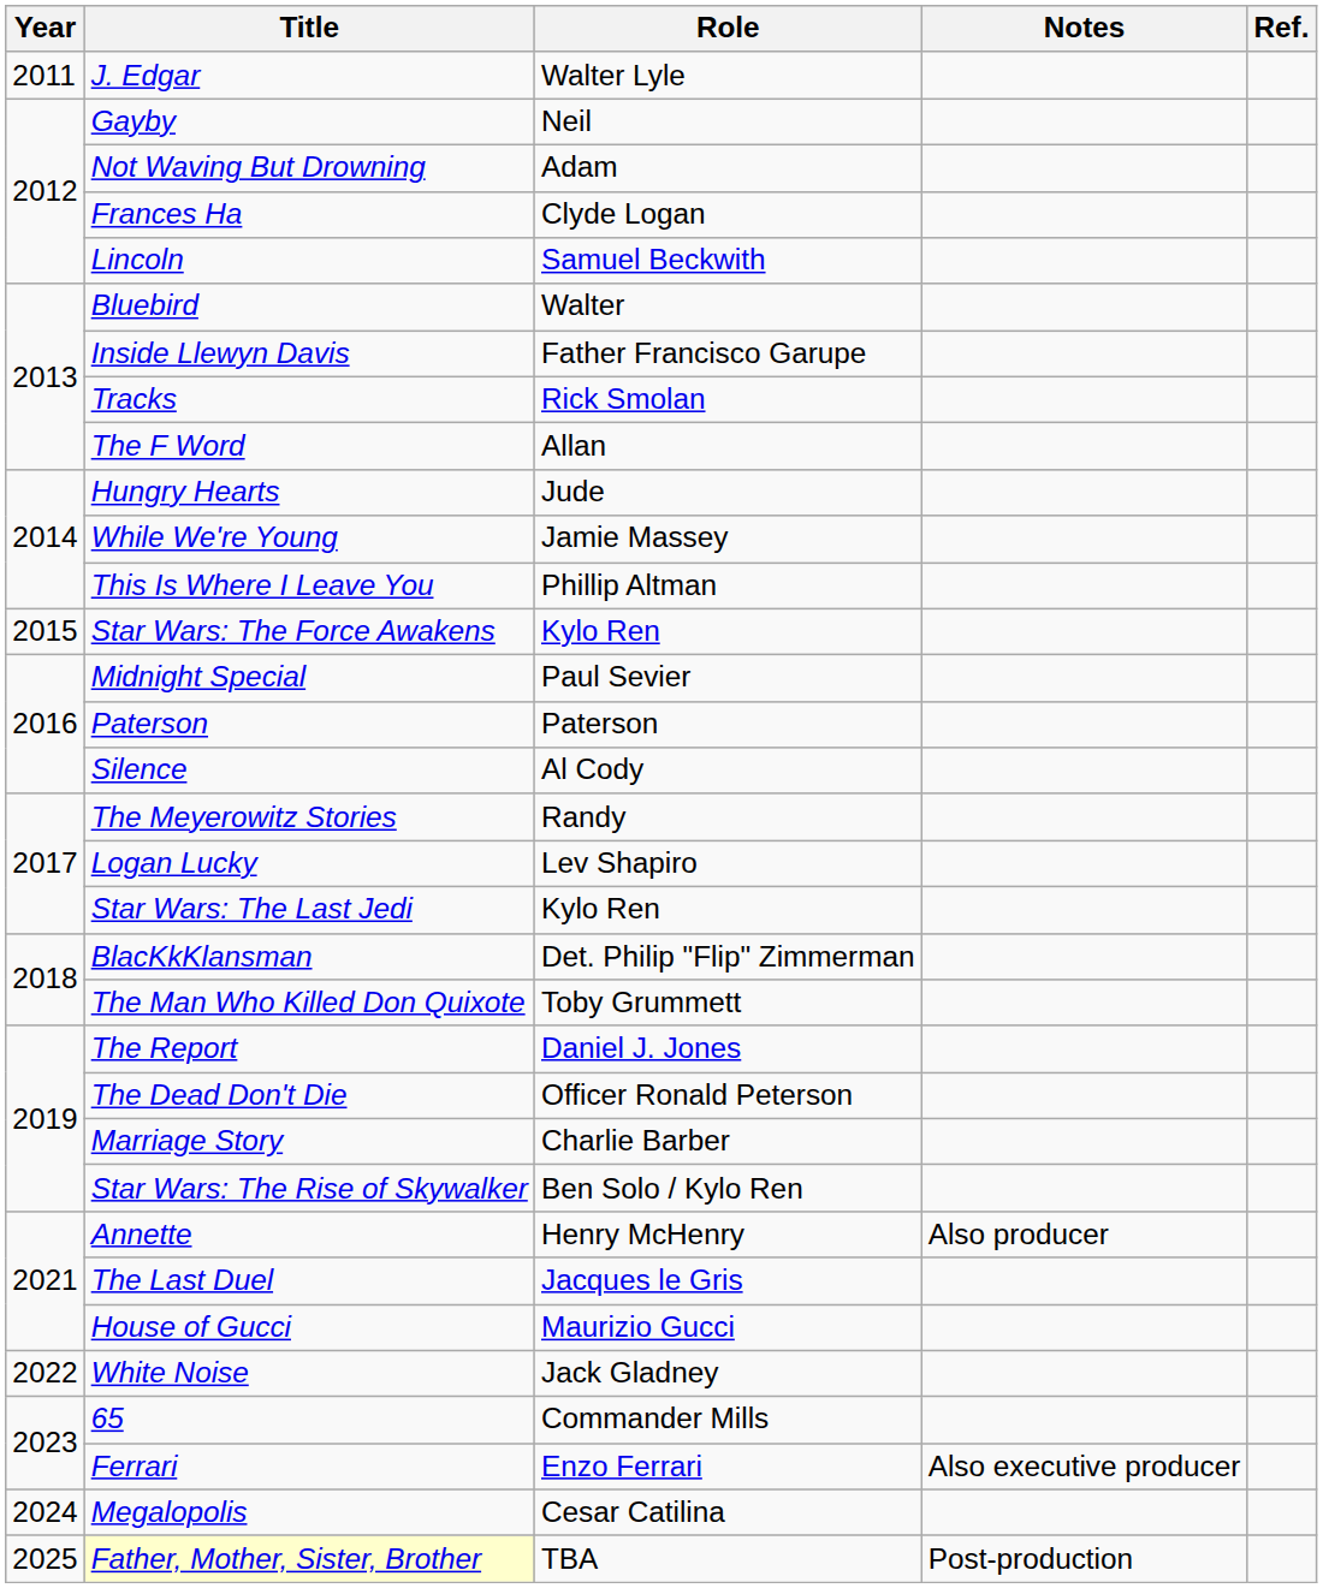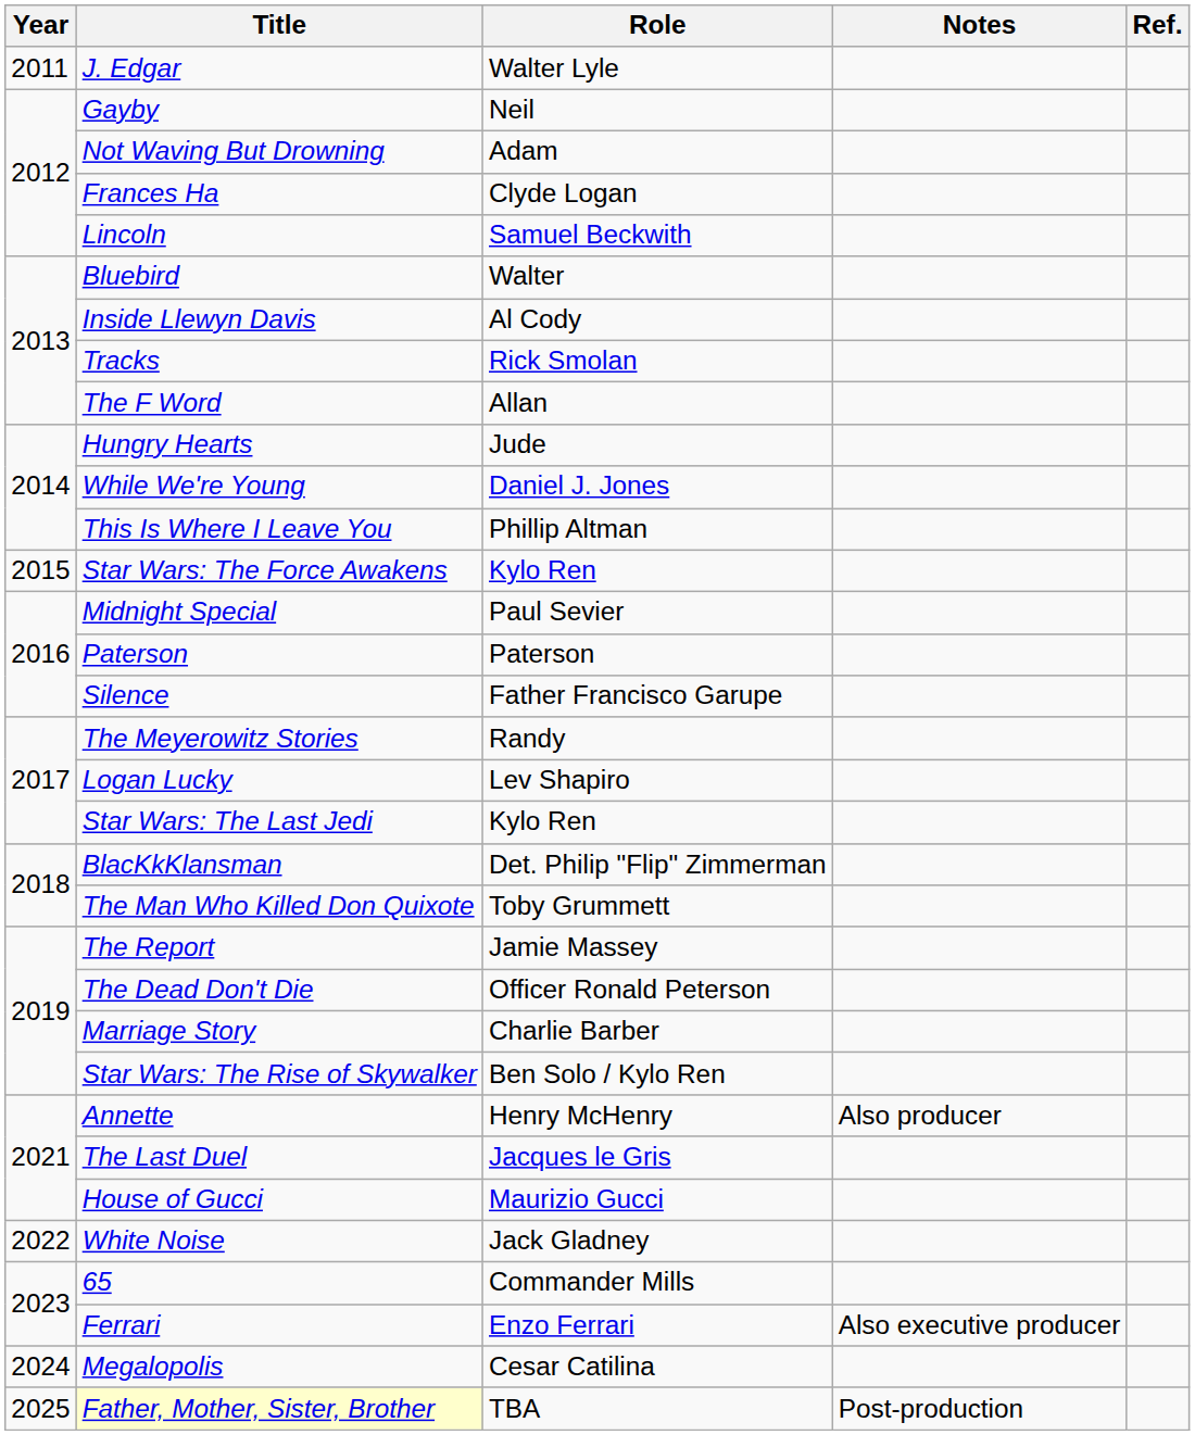 <table class="wikitable sortable">
 <tr>
 <th>Year</th>
 <th>Title</th>
 <th>Role</th>
 <th class="unsortable">Notes</th>
 <th>Ref.</th>
 </tr>
 <tr>
 <td>2011</td>
 <td><em><a href='#'>J. Edgar</a></em></td>
 <td>Walter Lyle</td>
 <td></td>
 <td></td>
 </tr>
 <tr>
 <td rowspan="4">2012</td>
 <td><em><a href='#'>Gayby</a></em></td>
 <td>Neil</td>
 <td></td>
 <td></td>
 </tr>
 <tr>
 <td><em><a href='#'>Not Waving But Drowning</a></em></td>
 <td>Adam</td>
 <td></td>
 <td></td>
 </tr>
 <tr>
 <td><em><a href='#'>Frances Ha</a></em></td>
 <td>Clyde Logan</td>
 <td></td>
 <td></td>
 </tr>
 <tr>
 <td><em><a href='#'>Lincoln</a></em></td>
 <td><a href='#'>Samuel Beckwith</a></td>
 <td></td>
 <td></td>
 </tr>
 <tr>
 <td rowspan="4">2013</td>
 <td><em><a href='#'>Bluebird</a></em></td>
 <td>Walter</td>
 <td></td>
 <td></td>
 </tr>
 <tr>
 <td><em><a href='#'>Inside Llewyn Davis</a></em></td>
-<td>Father Francisco Garupe</td>
+<td>Al Cody</td>
 <td></td>
 <td></td>
 </tr>
 <tr>
 <td><em><a href='#'>Tracks</a></em></td>
 <td><a href='#'>Rick Smolan</a></td>
 <td></td>
 <td></td>
 </tr>
 <tr>
 <td><em><a href='#'>The F Word</a></em></td>
 <td>Allan</td>
 <td></td>
 <td></td>
 </tr>
 <tr>
 <td rowspan="3">2014</td>
 <td><em><a href='#'>Hungry Hearts</a></em></td>
 <td>Jude</td>
 <td></td>
 <td></td>
 </tr>
 <tr>
 <td><em><a href='#'>While We're Young</a></em></td>
-<td>Jamie Massey</td>
+<td><a href='#'>Daniel J. Jones</a></td>
 <td></td>
 <td></td>
 </tr>
 <tr>
 <td><em><a href='#'>This Is Where I Leave You</a></em></td>
 <td>Phillip Altman</td>
 <td></td>
 <td></td>
 </tr>
 <tr>
 <td>2015</td>
 <td><em><a href='#'>Star Wars: The Force Awakens</a></em></td>
 <td><a href='#'>Kylo Ren</a></td>
 <td></td>
 <td></td>
 </tr>
 <tr>
 <td rowspan="3">2016</td>
 <td><em><a href='#'>Midnight Special</a></em></td>
 <td>Paul Sevier</td>
 <td></td>
 <td></td>
 </tr>
 <tr>
 <td><em><a href='#'>Paterson</a></em></td>
 <td>Paterson</td>
 <td></td>
 <td></td>
 </tr>
 <tr>
 <td><em><a href='#'>Silence</a></em></td>
-<td>Al Cody</td>
+<td>Father Francisco Garupe</td>
 <td></td>
 <td></td>
 </tr>
 <tr>
 <td rowspan="3">2017</td>
 <td><em><a href='#'>The Meyerowitz Stories</a></em></td>
 <td>Randy</td>
 <td></td>
 <td></td>
 </tr>
 <tr>
 <td><em><a href='#'>Logan Lucky</a></em></td>
 <td>Lev Shapiro</td>
 <td></td>
 <td></td>
 </tr>
 <tr>
 <td><em><a href='#'>Star Wars: The Last Jedi</a></em></td>
 <td>Kylo Ren</td>
 <td></td>
 <td></td>
 </tr>
 <tr>
 <td rowspan="2">2018</td>
 <td><em><a href='#'>BlacKkKlansman</a></em></td>
 <td>Det. Philip "Flip" Zimmerman</td>
 <td></td>
 <td></td>
 </tr>
 <tr>
 <td><em><a href='#'>The Man Who Killed Don Quixote</a></em></td>
 <td>Toby Grummett</td>
 <td></td>
 <td></td>
 </tr>
 <tr>
 <td rowspan="4">2019</td>
 <td><em><a href='#'>The Report</a></em></td>
-<td><a href='#'>Daniel J. Jones</a></td>
+<td>Jamie Massey</td>
 <td></td>
 <td></td>
 </tr>
 <tr>
 <td><em><a href='#'>The Dead Don't Die</a></em></td>
 <td>Officer Ronald Peterson</td>
 <td></td>
 <td></td>
 </tr>
 <tr>
 <td><em><a href='#'>Marriage Story</a></em></td>
 <td>Charlie Barber</td>
 <td></td>
 <td></td>
 </tr>
 <tr>
 <td><em><a href='#'>Star Wars: The Rise of Skywalker</a></em></td>
 <td>Ben Solo / Kylo Ren</td>
 <td></td>
 <td></td>
 </tr>
 <tr>
 <td rowspan="3">2021</td>
 <td><em><a href='#'>Annette</a></em></td>
 <td>Henry McHenry</td>
 <td>Also producer</td>
 <td></td>
 </tr>
 <tr>
 <td><em><a href='#'>The Last Duel</a></em></td>
 <td><a href='#'>Jacques le Gris</a></td>
 <td></td>
 <td></td>
 </tr>
 <tr>
 <td><em><a href='#'>House of Gucci</a></em></td>
 <td><a href='#'>Maurizio Gucci</a></td>
 <td></td>
 <td></td>
 </tr>
 <tr>
 <td>2022</td>
 <td><em><a href='#'>White Noise</a></em></td>
 <td>Jack Gladney</td>
 <td></td>
 <td></td>
 </tr>
 <tr>
 <td rowspan="2">2023</td>
 <td><em><a href='#'>65</a></em></td>
 <td>Commander Mills</td>
 <td></td>
 <td></td>
 </tr>
 <tr>
 <td><em><a href='#'>Ferrari</a></em></td>
 <td><a href='#'>Enzo Ferrari</a></td>
 <td>Also executive producer</td>
 <td></td>
 </tr>
 <tr>
 <td>2024</td>
 <td><em><a href='#'>Megalopolis</a></em></td>
 <td>Cesar Catilina</td>
 <td></td>
 <td></td>
 </tr>
 <tr>
 <td>2025</td>
 <td style="background:#ffc;"><em><a href='#'>Father, Mother, Sister, Brother</a></em> </td>
 <td>TBA</td>
 <td>Post-production</td>
 <td><br></td>
 </tr>
 </table>
